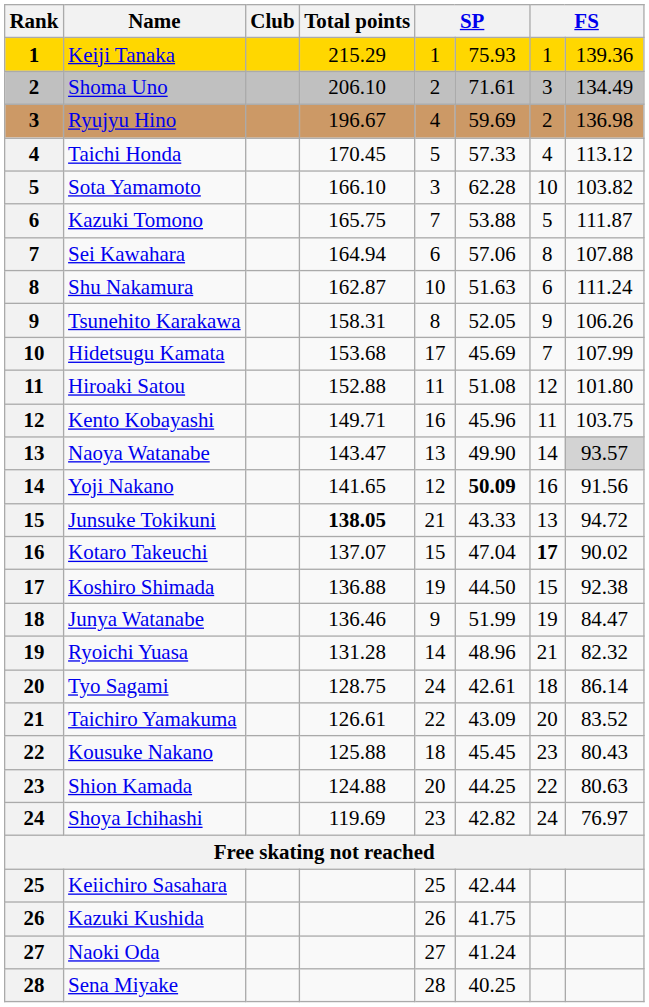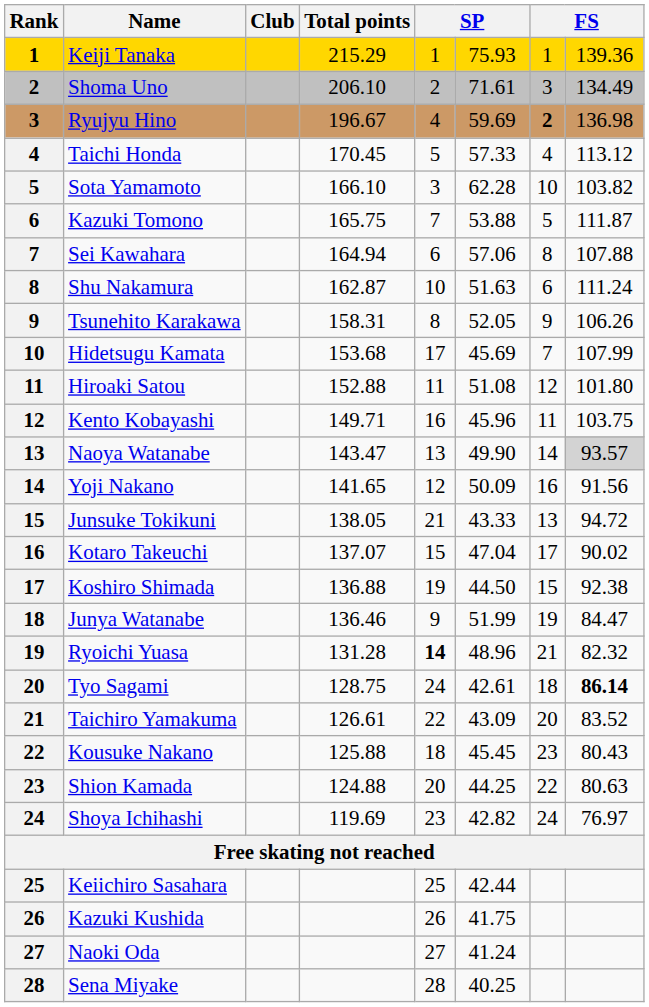 <table class="wikitable sortable">
 <tr>
 <th>Rank</th>
 <th>Name</th>
 <th>Club</th>
 <th>Total points</th>
 <th colspan="2" width="80px"><a href='#'>SP</a></th>
 <th colspan="2" width="80px"><a href='#'>FS</a></th>
 </tr>
 <tr bgcolor="gold">
 <td align="center"><strong>1</strong></td>
 <td><a href='#'>Keiji Tanaka</a></td>
 <td></td>
 <td align="center">215.29</td>
 <td align="center">1</td>
 <td align="center">75.93</td>
 <td align="center">1</td>
 <td align="center">139.36</td>
 </tr>
 <tr bgcolor="silver">
 <td align="center"><strong>2</strong></td>
 <td><a href='#'>Shoma Uno</a></td>
 <td></td>
 <td align="center">206.10</td>
 <td align="center">2</td>
 <td align="center">71.61</td>
 <td align="center">3</td>
 <td align="center">134.49</td>
 </tr>
 <tr bgcolor="cc9966">
 <td align="center"><strong>3</strong></td>
 <td><a href='#'>Ryujyu Hino</a></td>
 <td></td>
 <td align="center">196.67</td>
 <td align="center">4</td>
 <td align="center">59.69</td>
-<td align="center">2</td>
+<td align="center"><strong>2</strong></td>
 <td align="center">136.98</td>
 </tr>
 <tr>
 <th>4</th>
 <td><a href='#'>Taichi Honda</a></td>
 <td></td>
 <td align="center">170.45</td>
 <td align="center">5</td>
 <td align="center">57.33</td>
 <td align="center">4</td>
 <td align="center">113.12</td>
 </tr>
 <tr>
 <th>5</th>
 <td><a href='#'>Sota Yamamoto</a></td>
 <td></td>
 <td align="center">166.10</td>
 <td align="center">3</td>
 <td align="center">62.28</td>
 <td align="center">10</td>
 <td align="center">103.82</td>
 </tr>
 <tr>
 <th>6</th>
 <td><a href='#'>Kazuki Tomono</a></td>
 <td></td>
 <td align="center">165.75</td>
 <td align="center">7</td>
 <td align="center">53.88</td>
 <td align="center">5</td>
 <td align="center">111.87</td>
 </tr>
 <tr>
 <th>7</th>
 <td><a href='#'>Sei Kawahara</a></td>
 <td></td>
 <td align="center">164.94</td>
 <td align="center">6</td>
 <td align="center">57.06</td>
 <td align="center">8</td>
 <td align="center">107.88</td>
 </tr>
 <tr>
 <th>8</th>
 <td><a href='#'>Shu Nakamura</a></td>
 <td></td>
 <td align="center">162.87</td>
 <td align="center">10</td>
 <td align="center">51.63</td>
 <td align="center">6</td>
 <td align="center">111.24</td>
 </tr>
 <tr>
 <th>9</th>
 <td><a href='#'>Tsunehito Karakawa</a></td>
 <td></td>
 <td align="center">158.31</td>
 <td align="center">8</td>
 <td align="center">52.05</td>
 <td align="center">9</td>
 <td align="center">106.26</td>
 </tr>
 <tr>
 <th>10</th>
 <td><a href='#'>Hidetsugu Kamata</a></td>
 <td></td>
 <td align="center">153.68</td>
 <td align="center">17</td>
 <td align="center">45.69</td>
 <td align="center">7</td>
 <td align="center">107.99</td>
 </tr>
 <tr>
 <th>11</th>
 <td><a href='#'>Hiroaki Satou</a></td>
 <td></td>
 <td align="center">152.88</td>
 <td align="center">11</td>
 <td align="center">51.08</td>
 <td align="center">12</td>
 <td align="center">101.80</td>
 </tr>
 <tr>
 <th>12</th>
 <td><a href='#'>Kento Kobayashi</a></td>
 <td></td>
 <td align="center">149.71</td>
 <td align="center">16</td>
 <td align="center">45.96</td>
 <td align="center">11</td>
 <td align="center">103.75</td>
 </tr>
 <tr>
 <th>13</th>
 <td><a href='#'>Naoya Watanabe</a></td>
 <td></td>
 <td align="center">143.47</td>
 <td align="center">13</td>
 <td align="center">49.90</td>
 <td align="center">14</td>
 <td align="center" style="background: lightgrey;">93.57</td>
 </tr>
 <tr>
 <th>14</th>
 <td><a href='#'>Yoji Nakano</a></td>
 <td></td>
 <td align="center">141.65</td>
 <td align="center">12</td>
-<td align="center"><strong>50.09</strong></td>
+<td align="center">50.09</td>
 <td align="center">16</td>
 <td align="center">91.56</td>
 </tr>
 <tr>
 <th>15</th>
 <td><a href='#'>Junsuke Tokikuni</a></td>
 <td></td>
-<td align="center"><strong>138.05</strong></td>
+<td align="center">138.05</td>
 <td align="center">21</td>
 <td align="center">43.33</td>
 <td align="center">13</td>
 <td align="center">94.72</td>
 </tr>
 <tr>
 <th>16</th>
 <td><a href='#'>Kotaro Takeuchi</a></td>
 <td></td>
 <td align="center">137.07</td>
 <td align="center">15</td>
 <td align="center">47.04</td>
-<td align="center"><strong>17</strong></td>
+<td align="center">17</td>
 <td align="center">90.02</td>
 </tr>
 <tr>
 <th>17</th>
 <td><a href='#'>Koshiro Shimada</a></td>
 <td></td>
 <td align="center">136.88</td>
 <td align="center">19</td>
 <td align="center">44.50</td>
 <td align="center">15</td>
 <td align="center">92.38</td>
 </tr>
 <tr>
 <th>18</th>
 <td><a href='#'>Junya Watanabe</a></td>
 <td></td>
 <td align="center">136.46</td>
 <td align="center">9</td>
 <td align="center">51.99</td>
 <td align="center">19</td>
 <td align="center">84.47</td>
 </tr>
 <tr>
 <th>19</th>
 <td><a href='#'>Ryoichi Yuasa</a></td>
 <td></td>
 <td align="center">131.28</td>
-<td align="center">14</td>
+<td align="center"><strong>14</strong></td>
 <td align="center">48.96</td>
 <td align="center">21</td>
 <td align="center">82.32</td>
 </tr>
 <tr>
 <th>20</th>
 <td><a href='#'>Tyo Sagami</a></td>
 <td></td>
 <td align="center">128.75</td>
 <td align="center">24</td>
 <td align="center">42.61</td>
 <td align="center">18</td>
-<td align="center">86.14</td>
+<td align="center"><strong>86.14</strong></td>
 </tr>
 <tr>
 <th>21</th>
 <td><a href='#'>Taichiro Yamakuma</a></td>
 <td></td>
 <td align="center">126.61</td>
 <td align="center">22</td>
 <td align="center">43.09</td>
 <td align="center">20</td>
 <td align="center">83.52</td>
 </tr>
 <tr>
 <th>22</th>
 <td><a href='#'>Kousuke Nakano</a></td>
 <td></td>
 <td align="center">125.88</td>
 <td align="center">18</td>
 <td align="center">45.45</td>
 <td align="center">23</td>
 <td align="center">80.43</td>
 </tr>
 <tr>
 <th>23</th>
 <td><a href='#'>Shion Kamada</a></td>
 <td></td>
 <td align="center">124.88</td>
 <td align="center">20</td>
 <td align="center">44.25</td>
 <td align="center">22</td>
 <td align="center">80.63</td>
 </tr>
 <tr>
 <th>24</th>
 <td><a href='#'>Shoya Ichihashi</a></td>
 <td></td>
 <td align="center">119.69</td>
 <td align="center">23</td>
 <td align="center">42.82</td>
 <td align="center">24</td>
 <td align="center">76.97</td>
 </tr>
 <tr>
 <th colspan=8>Free skating not reached</th>
 </tr>
 <tr>
 <th>25</th>
 <td><a href='#'>Keiichiro Sasahara</a></td>
 <td></td>
 <td></td>
 <td align="center">25</td>
 <td align="center">42.44</td>
 <td></td>
 <td></td>
 </tr>
 <tr>
 <th>26</th>
 <td><a href='#'>Kazuki Kushida</a></td>
 <td></td>
 <td></td>
 <td align="center">26</td>
 <td align="center">41.75</td>
 <td></td>
 <td></td>
 </tr>
 <tr>
 <th>27</th>
 <td><a href='#'>Naoki Oda</a></td>
 <td></td>
 <td></td>
 <td align="center">27</td>
 <td align="center">41.24</td>
 <td></td>
 <td></td>
 </tr>
 <tr>
 <th>28</th>
 <td><a href='#'>Sena Miyake</a></td>
 <td></td>
 <td></td>
 <td align="center">28</td>
 <td align="center">40.25</td>
 <td></td>
 <td></td>
 </tr>
 </table>
